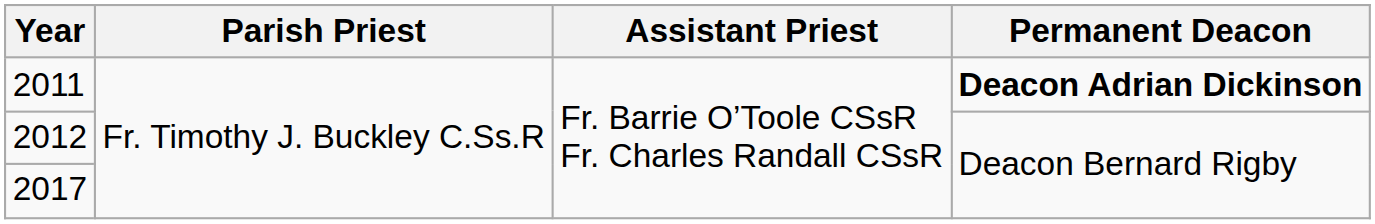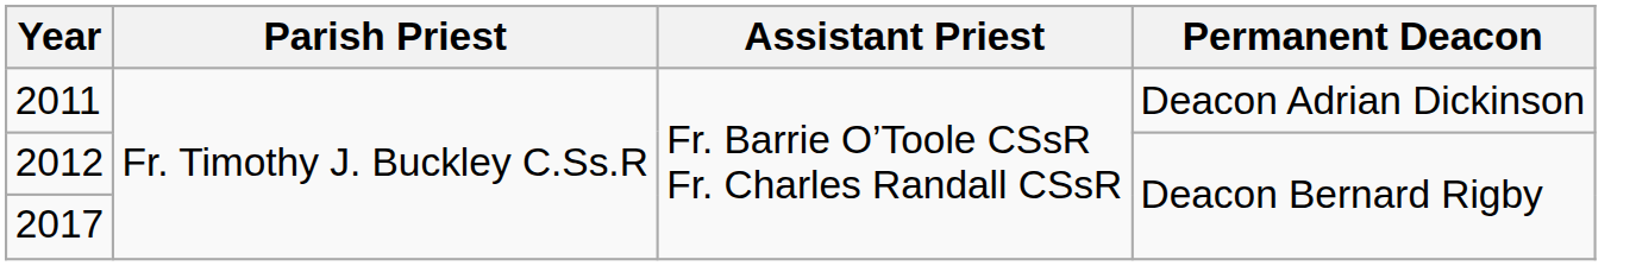 <table class="wikitable">
 <tr>
 <th>Year</th>
 <th>Parish Priest</th>
 <th>Assistant Priest</th>
 <th>Permanent Deacon</th>
 </tr>
 <tr>
 <td>2011</td>
 <td rowspan="5">Fr. Timothy J. Buckley C.Ss.R</td>
 <td rowspan="5">Fr. Barrie O’Toole CSsR<br>Fr. Charles Randall CSsR</td>
-<td><strong>Deacon Adrian Dickinson</strong></td>
+<td>Deacon Adrian Dickinson</td>
 </tr>
 <tr>
 <td>2012</td>
 <td rowspan="4">Deacon Bernard Rigby</td>
 </tr>
 <tr>
 <td>2017</td>
 </tr>
 </table>
